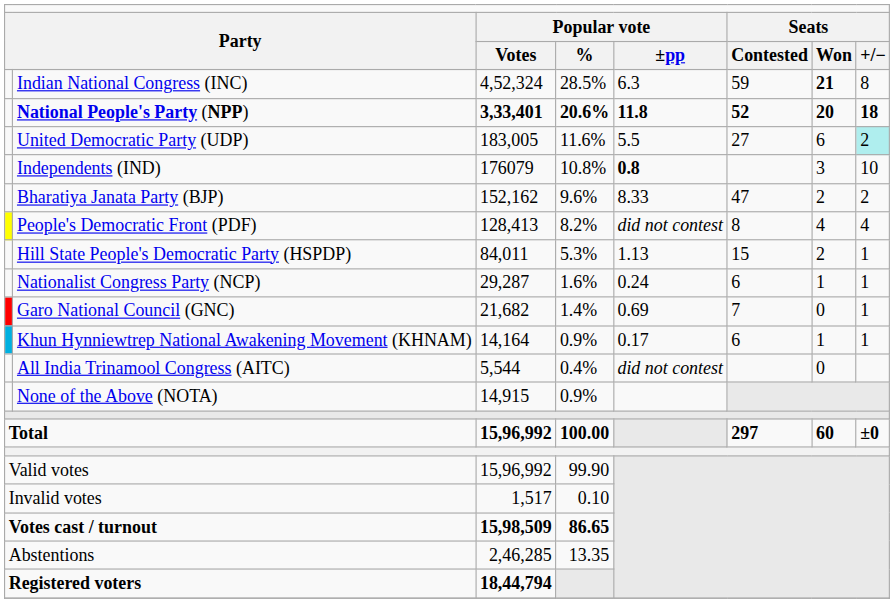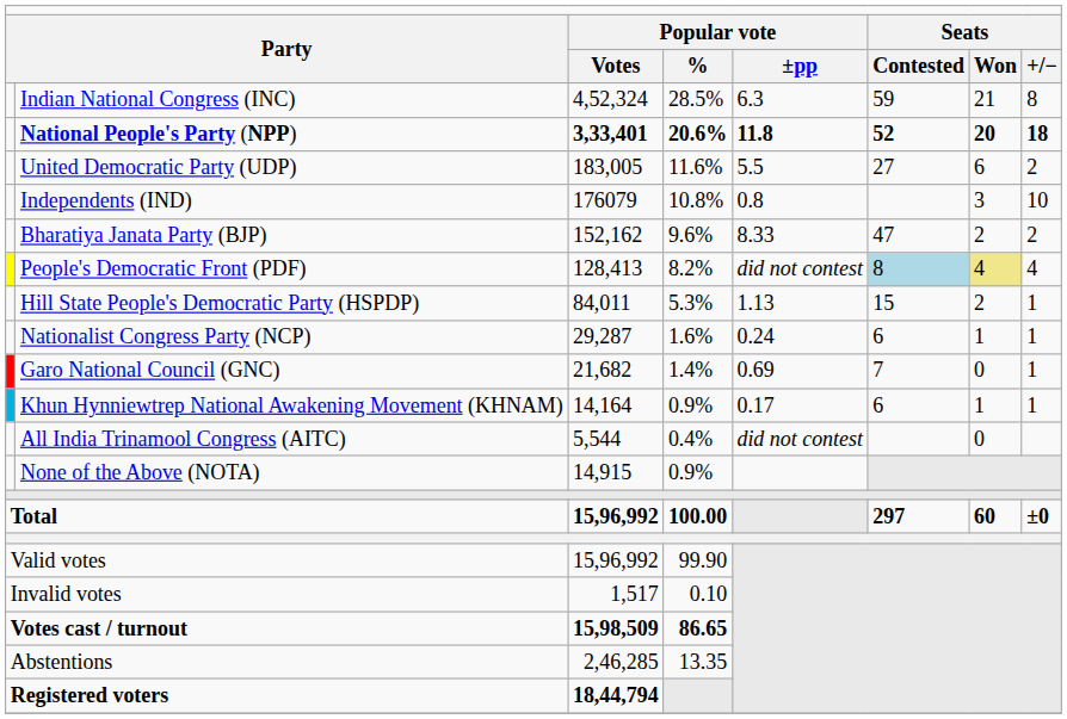 <table class="wikitable">
 <tr>
 <td colspan=10 align=center></td>
 </tr>
 <tr>
 <th colspan="2" rowspan="2">Party</th>
 <th colspan="3">Popular vote</th>
 <th colspan="3">Seats</th>
 </tr>
 <tr>
 <th>Votes</th>
 <th>%</th>
 <th>±<a href='#'>pp</a></th>
 <th>Contested</th>
 <th>Won</th>
 <th><strong>+/−</strong></th>
 </tr>
 <tr>
 <td></td>
 <td><a href='#'>Indian National Congress</a> (INC)</td>
 <td>4,52,324</td>
 <td>28.5%</td>
 <td>6.3</td>
 <td>59</td>
-<td><strong>21</strong></td>
+<td>21</td>
 <td>8</td>
 </tr>
 <tr>
 <td></td>
 <td><a href='#'><strong>National People's Party</strong></a> (<strong>NPP</strong>)</td>
 <td><strong>3,33,401</strong></td>
 <td><strong>20.6%</strong></td>
 <td><strong>11.8</strong></td>
 <td><strong>52</strong></td>
 <td><strong>20</strong></td>
 <td><strong>18</strong></td>
 </tr>
 <tr>
 <td></td>
 <td><a href='#'>United Democratic Party</a> (UDP)</td>
 <td>183,005</td>
 <td>11.6%</td>
 <td>5.5</td>
 <td>27</td>
 <td>6</td>
-<td style="background: paleturquoise;">2</td>
+<td>2</td>
 </tr>
 <tr>
 <td></td>
 <td><a href='#'>Independents</a> (IND)</td>
 <td>176079</td>
 <td>10.8%</td>
-<td><strong>0.8</strong></td>
+<td>0.8</td>
 <td></td>
 <td>3</td>
 <td>10</td>
 </tr>
 <tr>
 <td></td>
 <td><a href='#'>Bharatiya Janata Party</a> (BJP)</td>
 <td>152,162</td>
 <td>9.6%</td>
 <td>8.33</td>
 <td>47</td>
 <td>2</td>
 <td>2</td>
 </tr>
 <tr>
 <td bgcolor="yellow"></td>
 <td><a href='#'>People's Democratic Front</a> (PDF)</td>
 <td>128,413</td>
 <td>8.2%</td>
 <td><em>did not contest</em></td>
-<td>8</td>
-<td>4</td>
+<td style="background: lightblue;">8</td>
+<td style="background: khaki;">4</td>
 <td>4</td>
 </tr>
 <tr>
 <td></td>
 <td><a href='#'>Hill State People's Democratic Party</a> (HSPDP)</td>
 <td>84,011</td>
 <td>5.3%</td>
 <td>1.13</td>
 <td>15</td>
 <td>2</td>
 <td>1</td>
 </tr>
 <tr>
 <td></td>
 <td><a href='#'>Nationalist Congress Party</a> (NCP)</td>
 <td>29,287</td>
 <td>1.6%</td>
 <td>0.24</td>
 <td>6</td>
 <td>1</td>
 <td>1</td>
 </tr>
 <tr>
 <td bgcolor="red"></td>
 <td><a href='#'>Garo National Council</a> (GNC)</td>
 <td>21,682</td>
 <td>1.4%</td>
 <td>0.69</td>
 <td>7</td>
 <td>0</td>
 <td>1</td>
 </tr>
 <tr>
 <td bgcolor="syk blue"></td>
 <td><a href='#'>Khun Hynniewtrep National Awakening Movement</a> (KHNAM)</td>
 <td>14,164</td>
 <td>0.9%</td>
 <td>0.17</td>
 <td>6</td>
 <td>1</td>
 <td>1</td>
 </tr>
 <tr>
 <td></td>
 <td><a href='#'>All India Trinamool Congress</a> (AITC)</td>
 <td>5,544</td>
 <td>0.4%</td>
 <td><em>did not contest</em></td>
 <td></td>
 <td>0</td>
 <td></td>
 </tr>
 <tr>
 <td></td>
 <td><a href='#'>None of the Above</a> (NOTA)</td>
 <td>14,915</td>
 <td>0.9%</td>
 <td></td>
 <td colspan="3" bgcolor="#E9E9E9"></td>
 </tr>
 <tr>
 <td colspan="8" bgcolor="#E9E9E9"></td>
 </tr>
 <tr style="font-weight:bold;">
 <td colspan="2" align="left">Total</td>
 <td>15,96,992</td>
 <td>100.00</td>
 <td bgcolor="#E9E9E9"></td>
 <td>297</td>
 <td>60</td>
 <td>±0</td>
 </tr>
 <tr>
 <th colspan="8"></th>
 </tr>
 <tr>
 <td style="text-align:left;" colspan="2">Valid votes</td>
 <td align="right">15,96,992</td>
 <td align="right">99.90</td>
 <td colspan="4" rowspan="5" style="background-color:#E9E9E9"></td>
 </tr>
 <tr>
 <td style="text-align:left;" colspan="2">Invalid votes</td>
 <td align="right">1,517</td>
 <td align="right">0.10</td>
 </tr>
 <tr>
 <td style="text-align:left;" colspan="2"><strong>Votes cast / turnout</strong></td>
 <td align="right"><strong>15,98,509</strong></td>
 <td align="right"><strong>86.65</strong></td>
 </tr>
 <tr>
 <td style="text-align:left;" colspan="2">Abstentions</td>
 <td align="right">2,46,285</td>
 <td align="right">13.35</td>
 </tr>
 <tr>
 <td style="text-align:left;" colspan="2"><strong>Registered voters</strong></td>
 <td align="right"><strong>18,44,794</strong></td>
 <td colspan="1" style="background-color:#E9E9E9"></td>
 </tr>
 <tr>
 </tr>
 <tr>
 </tr>
 </table>
